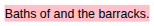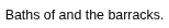 <table align="center" cellpadding=0px cellspacing=8px>
 <tr>
 <td></td>
 <td></td>
 </tr>
 <tr>
-<td style="background: pink;"><small>Baths of  and the  barracks.</small></td>
+<td><small>Baths of  and the  barracks.</small></td>
 </tr>
 </table>
